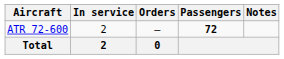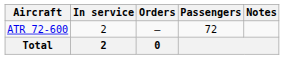 <table class="wikitable" style="margin:1em auto; text-align:center;">
 <tr>
 <th>Aircraft</th>
 <th>In service</th>
 <th>Orders</th>
 <th>Passengers</th>
 <th>Notes</th>
 </tr>
 <tr>
 <td><a href='#'>ATR 72-600</a></td>
 <td>2</td>
 <td>—</td>
-<td><strong>72</strong></td>
+<td>72</td>
 <td></td>
 </tr>
 <tr>
 <th>Total</th>
 <th>2</th>
 <th>0</th>
 <th colspan="2"></th>
 </tr>
 </table>
